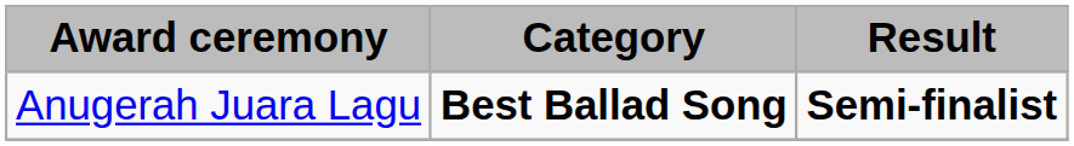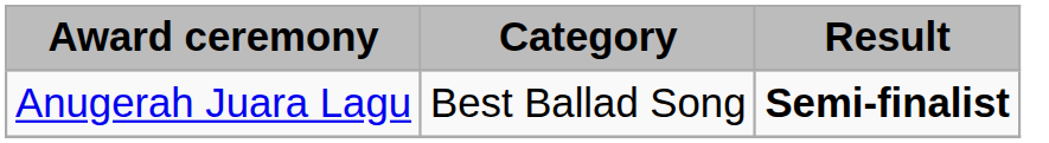 <table class="wikitable">
 <tr>
 <th style="background-color: #BCBCBC">Award ceremony</th>
 <th style="background-color: #BCBCBC">Category</th>
 <th style="background-color: #BCBCBC">Result</th>
 </tr>
 <tr>
 <td><a href='#'>Anugerah Juara Lagu</a></td>
-<td rowspan="1" align="left"><strong>Best Ballad Song</strong></td>
+<td rowspan="1" align="left">Best Ballad Song</td>
 <td rowspan="1" align="left"><strong>Semi-finalist</strong></td>
 </tr>
 <tr>
 </tr>
 </table>
